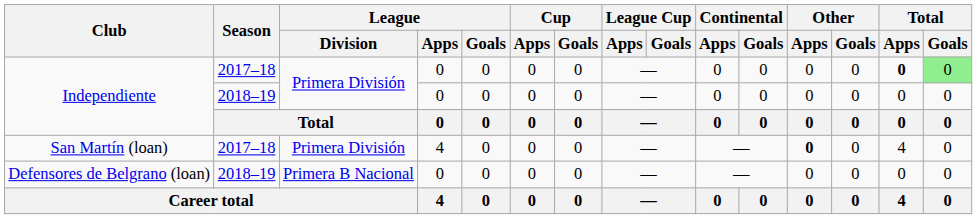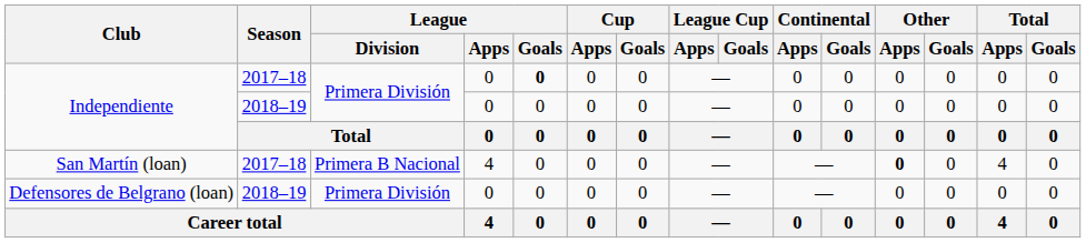 <table class="wikitable" style="text-align:center">
 <tr>
 <th rowspan="2">Club</th>
 <th rowspan="2">Season</th>
 <th colspan="3">League</th>
 <th colspan="2">Cup</th>
 <th colspan="2">League Cup</th>
 <th colspan="2">Continental</th>
 <th colspan="2">Other</th>
 <th colspan="2">Total</th>
 </tr>
 <tr>
 <th>Division</th>
 <th>Apps</th>
 <th>Goals</th>
 <th>Apps</th>
 <th>Goals</th>
 <th>Apps</th>
 <th>Goals</th>
 <th>Apps</th>
 <th>Goals</th>
 <th>Apps</th>
 <th>Goals</th>
 <th>Apps</th>
 <th>Goals</th>
 </tr>
 <tr>
 <td rowspan="3"><a href='#'>Independiente</a></td>
 <td><a href='#'>2017–18</a></td>
 <td rowspan="2"><a href='#'>Primera División</a></td>
 <td>0</td>
-<td>0</td>
+<td><strong>0</strong></td>
 <td>0</td>
 <td>0</td>
 <td colspan="2">—</td>
 <td>0</td>
 <td>0</td>
 <td>0</td>
 <td>0</td>
-<td><strong>0</strong></td>
-<td style="background: lightgreen;">0</td>
+<td>0</td>
+<td>0</td>
 </tr>
 <tr>
 <td><a href='#'>2018–19</a></td>
 <td>0</td>
 <td>0</td>
 <td>0</td>
 <td>0</td>
 <td colspan="2">—</td>
 <td>0</td>
 <td>0</td>
 <td>0</td>
 <td>0</td>
 <td>0</td>
 <td>0</td>
 </tr>
 <tr>
 <th colspan="2">Total</th>
 <th>0</th>
 <th>0</th>
 <th>0</th>
 <th>0</th>
 <th colspan="2">—</th>
 <th>0</th>
 <th>0</th>
 <th>0</th>
 <th>0</th>
 <th>0</th>
 <th>0</th>
 </tr>
 <tr>
 <td rowspan="1"><a href='#'>San Martín</a> (loan)</td>
 <td><a href='#'>2017–18</a></td>
-<td rowspan="1"><a href='#'>Primera División</a></td>
+<td rowspan="1"><a href='#'>Primera B Nacional</a></td>
 <td>4</td>
 <td>0</td>
 <td>0</td>
 <td>0</td>
 <td colspan="2">—</td>
 <td colspan="2">—</td>
 <td><strong>0</strong></td>
 <td>0</td>
 <td>4</td>
 <td>0</td>
 </tr>
 <tr>
 <td rowspan="1"><a href='#'>Defensores de Belgrano</a> (loan)</td>
 <td><a href='#'>2018–19</a></td>
-<td rowspan="1"><a href='#'>Primera B Nacional</a></td>
+<td rowspan="1"><a href='#'>Primera División</a></td>
 <td>0</td>
 <td>0</td>
 <td>0</td>
 <td>0</td>
 <td colspan="2">—</td>
 <td colspan="2">—</td>
 <td>0</td>
 <td>0</td>
 <td>0</td>
 <td>0</td>
 </tr>
 <tr>
 <th colspan="3">Career total</th>
 <th>4</th>
 <th>0</th>
 <th>0</th>
 <th>0</th>
 <th colspan="2">—</th>
 <th>0</th>
 <th>0</th>
 <th>0</th>
 <th>0</th>
 <th>4</th>
 <th>0</th>
 </tr>
 </table>
